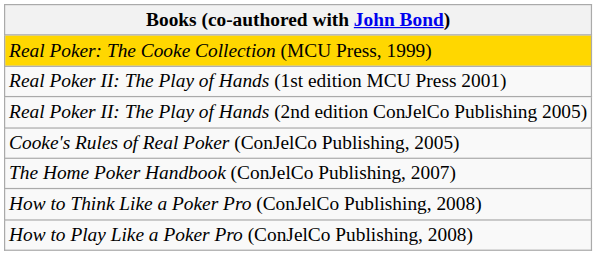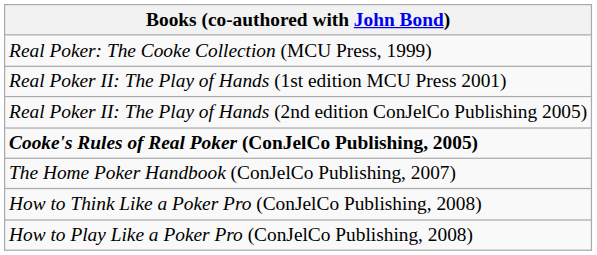 <table class="wikitable">
 <tr>
 <th>Books (co-authored with <a href='#'>John Bond</a>)</th>
 </tr>
 <tr>
-<td style="background: gold;"><em>Real Poker: The Cooke Collection</em> (MCU Press, 1999)</td>
+<td><em>Real Poker: The Cooke Collection</em> (MCU Press, 1999)</td>
 </tr>
 <tr>
 <td><em>Real Poker II: The Play of Hands</em> (1st edition MCU Press 2001)</td>
 </tr>
 <tr>
 <td><em>Real Poker II: The Play of Hands</em> (2nd edition ConJelCo Publishing 2005)</td>
 </tr>
 <tr>
-<td><em>Cooke's Rules of Real Poker</em> (ConJelCo Publishing, 2005)</td>
+<td><strong><em>Cooke's Rules of Real Poker</em> (ConJelCo Publishing, 2005)</strong></td>
 </tr>
 <tr>
 <td><em>The Home Poker Handbook</em> (ConJelCo Publishing, 2007)</td>
 </tr>
 <tr>
 <td><em>How to Think Like a Poker Pro</em> (ConJelCo Publishing, 2008)</td>
 </tr>
 <tr>
 <td><em>How to Play Like a Poker Pro</em> (ConJelCo Publishing, 2008)</td>
 </tr>
 </table>
